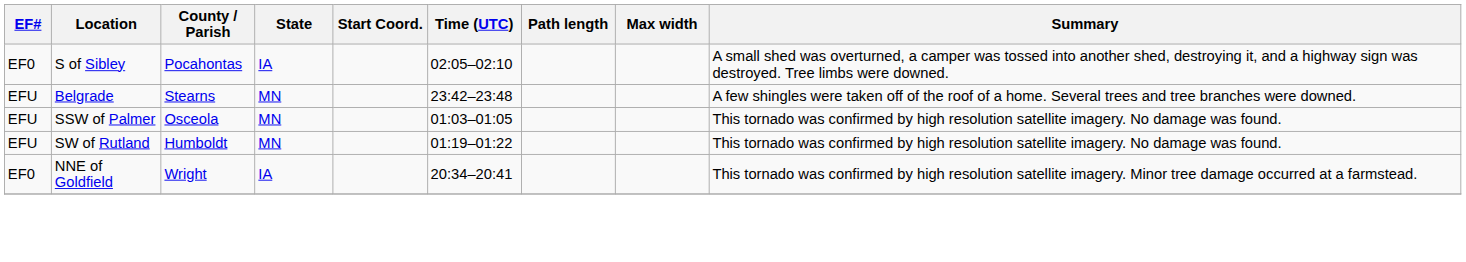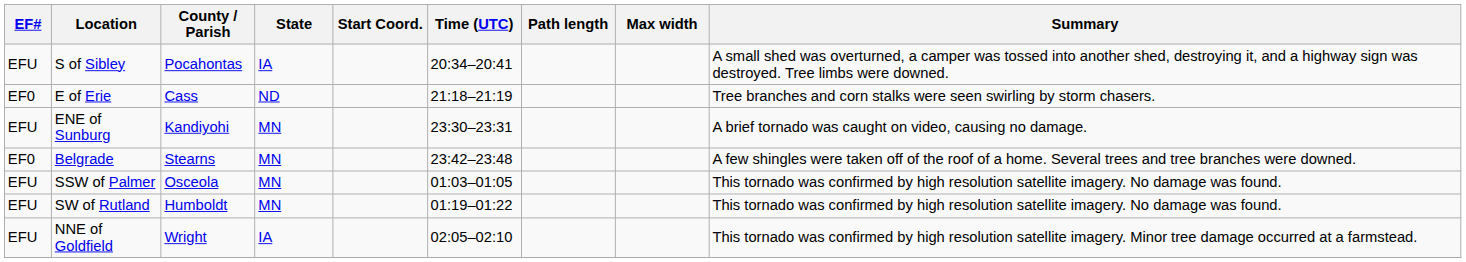 <table class="wikitable sortable" style="width:100%;">
 <tr>
 <th scope="col"  style="width:3%; text-align:center;"><a href='#'>EF#</a></th>
 <th scope="col"  style="width:7%; text-align:center;" class="unsortable">Location</th>
 <th scope="col"  style="width:6%; text-align:center;" class="unsortable">County / Parish</th>
 <th scope="col"  style="width:5%; text-align:center;">State</th>
 <th scope="col"  style="width:6%; text-align:center;">Start Coord.</th>
 <th scope="col"  style="width:6%; text-align:center;">Time (<a href='#'>UTC</a>)</th>
 <th scope="col"  style="width:6%; text-align:center;">Path length</th>
 <th scope="col"  style="width:6%; text-align:center;">Max width</th>
 <th scope="col" class="unsortable" style="width:48%; text-align:center;">Summary</th>
 </tr>
 <tr>
-<td>EF0</td>
+<td>EFU</td>
 <td>S of <a href='#'>Sibley</a></td>
 <td><a href='#'>Pocahontas</a></td>
 <td><a href='#'>IA</a></td>
 <td></td>
-<td>02:05–02:10</td>
+<td>20:34–20:41</td>
 <td></td>
 <td></td>
 <td>A small shed was overturned, a camper was tossed into another shed, destroying it, and a highway sign was destroyed. Tree limbs were downed.</td>
 </tr>
 <tr>
+<td>EF0</td>
+<td>E of <a href='#'>Erie</a></td>
+<td><a href='#'>Cass</a></td>
+<td><a href='#'>ND</a></td>
+<td></td>
+<td>21:18–21:19</td>
+<td></td>
+<td></td>
+<td>Tree branches and corn stalks were seen swirling by storm chasers.</td>
+</tr>
+<tr>
 <td>EFU</td>
+<td>ENE of <a href='#'>Sunburg</a></td>
+<td><a href='#'>Kandiyohi</a></td>
+<td><a href='#'>MN</a></td>
+<td></td>
+<td>23:30–23:31</td>
+<td></td>
+<td></td>
+<td>A brief tornado was caught on video, causing no damage.</td>
+</tr>
+<tr>
+<td>EF0</td>
 <td><a href='#'>Belgrade</a></td>
 <td><a href='#'>Stearns</a></td>
 <td><a href='#'>MN</a></td>
 <td></td>
 <td>23:42–23:48</td>
 <td></td>
 <td></td>
 <td>A few shingles were taken off of the roof of a home. Several trees and tree branches were downed.</td>
 </tr>
 <tr>
 <td>EFU</td>
 <td>SSW of <a href='#'>Palmer</a></td>
 <td><a href='#'>Osceola</a></td>
 <td><a href='#'>MN</a></td>
 <td></td>
 <td>01:03–01:05</td>
 <td></td>
 <td></td>
 <td>This tornado was confirmed by high resolution satellite imagery. No damage was found.</td>
 </tr>
 <tr>
 <td>EFU</td>
 <td>SW of <a href='#'>Rutland</a></td>
 <td><a href='#'>Humboldt</a></td>
 <td><a href='#'>MN</a></td>
 <td></td>
 <td>01:19–01:22</td>
 <td></td>
 <td></td>
 <td>This tornado was confirmed by high resolution satellite imagery. No damage was found.</td>
 </tr>
 <tr>
-<td>EF0</td>
+<td>EFU</td>
 <td>NNE of <a href='#'>Goldfield</a></td>
 <td><a href='#'>Wright</a></td>
 <td><a href='#'>IA</a></td>
 <td></td>
-<td>20:34–20:41</td>
+<td>02:05–02:10</td>
 <td></td>
 <td></td>
 <td>This tornado was confirmed by high resolution satellite imagery. Minor tree damage occurred at a farmstead.</td>
 </tr>
 <tr>
 </tr>
 </table>
